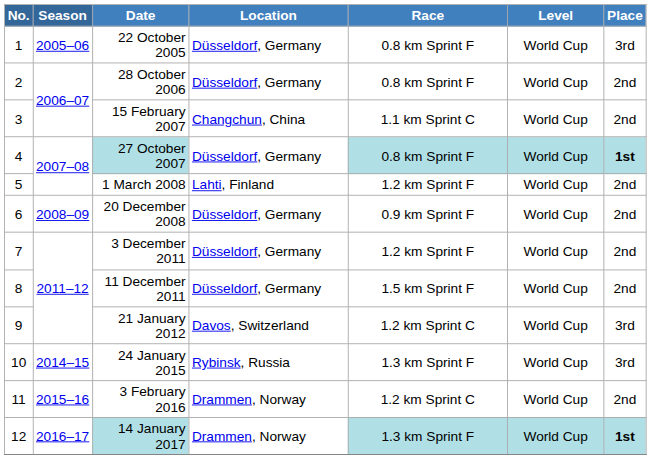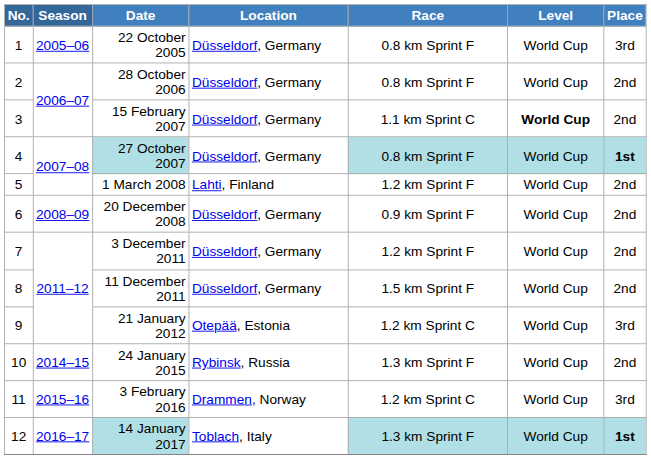 <table class="wikitable sortable" style="font-size:95%; text-align:center; border:grey solid 1px; border-collapse:collapse; background:#ffffff;">
 <tr style="background:#efefef;">
 <th style="background-color:#369; color:white;">No.</th>
 <th style="background-color:#369; color:white;">Season</th>
 <th style="background-color:#4180be; color:white; width:100px;">Date</th>
 <th style="background-color:#4180be; color:white; width:170px;">Location</th>
 <th style="background-color:#4180be; color:white; width:170px;">Race</th>
 <th style="background-color:#4180be; color:white; width:100px;">Level</th>
 <th style="background-color:#4180be; color:white;">Place</th>
 </tr>
 <tr>
 <td align=center>1</td>
 <td rowspan=1 align=center><a href='#'>2005–06</a></td>
 <td align=right>22 October 2005</td>
 <td align=left> <a href='#'>Düsseldorf</a>, Germany</td>
 <td>0.8 km Sprint F</td>
 <td>World Cup</td>
 <td>3rd</td>
 </tr>
 <tr>
 <td align=center>2</td>
 <td rowspan=2 align=center><a href='#'>2006–07</a></td>
 <td align=right>28 October 2006</td>
 <td align=left> <a href='#'>Düsseldorf</a>, Germany</td>
 <td>0.8 km Sprint F</td>
 <td>World Cup</td>
 <td>2nd</td>
 </tr>
 <tr>
 <td align=center>3</td>
 <td align=right>15 February 2007</td>
-<td align=left> <a href='#'>Changchun</a>, China</td>
+<td align=left> <a href='#'>Düsseldorf</a>, Germany</td>
 <td>1.1 km Sprint C</td>
-<td>World Cup</td>
+<td><strong>World Cup</strong></td>
 <td>2nd</td>
 </tr>
 <tr>
 <td align=center>4</td>
 <td rowspan=2 align=center><a href='#'>2007–08</a></td>
 <td bgcolor="#BOEOE6" align=right>27 October 2007</td>
 <td align=left> <a href='#'>Düsseldorf</a>, Germany</td>
 <td bgcolor="#BOEOE6">0.8 km Sprint F</td>
 <td bgcolor="#BOEOE6">World Cup</td>
 <td bgcolor="#BOEOE6"><strong>1st</strong></td>
 </tr>
 <tr>
 <td align=center>5</td>
 <td align=right>1 March 2008</td>
 <td align=left> <a href='#'>Lahti</a>, Finland</td>
 <td>1.2 km Sprint F</td>
 <td>World Cup</td>
 <td>2nd</td>
 </tr>
 <tr>
 <td align=center>6</td>
 <td rowspan=1 align=center><a href='#'>2008–09</a></td>
 <td align=right>20 December 2008</td>
 <td align=left> <a href='#'>Düsseldorf</a>, Germany</td>
 <td>0.9 km Sprint F</td>
 <td>World Cup</td>
 <td>2nd</td>
 </tr>
 <tr>
 <td align=center>7</td>
 <td rowspan=3 align=center><a href='#'>2011–12</a></td>
 <td align=right>3 December 2011</td>
 <td align=left> <a href='#'>Düsseldorf</a>, Germany</td>
 <td>1.2 km Sprint F</td>
 <td>World Cup</td>
 <td>2nd</td>
 </tr>
 <tr>
 <td align=center>8</td>
 <td align=right>11 December 2011</td>
 <td align=left> <a href='#'>Düsseldorf</a>, Germany</td>
 <td>1.5 km Sprint F</td>
 <td>World Cup</td>
 <td>2nd</td>
 </tr>
 <tr>
 <td align=center>9</td>
 <td align=right>21 January 2012</td>
-<td align=left> <a href='#'>Davos</a>, Switzerland</td>
+<td align=left> <a href='#'>Otepää</a>, Estonia</td>
 <td>1.2 km Sprint C</td>
 <td>World Cup</td>
 <td>3rd</td>
 </tr>
 <tr>
 <td align=center>10</td>
 <td rowspan=1 align=center><a href='#'>2014–15</a></td>
 <td align=right>24 January 2015</td>
 <td align=left> <a href='#'>Rybinsk</a>, Russia</td>
 <td>1.3 km Sprint F</td>
 <td>World Cup</td>
-<td>3rd</td>
+<td>2nd</td>
 </tr>
 <tr>
 <td align=center>11</td>
 <td rowspan=1 align=center><a href='#'>2015–16</a></td>
 <td align=right>3 February 2016</td>
 <td align=left> <a href='#'>Drammen</a>, Norway</td>
 <td>1.2 km Sprint C</td>
 <td>World Cup</td>
-<td>2nd</td>
+<td>3rd</td>
 </tr>
 <tr>
 <td align=center>12</td>
 <td rowspan=1 align=center><a href='#'>2016–17</a></td>
 <td bgcolor="#BOEOE6" align=right>14 January 2017</td>
-<td align=left> <a href='#'>Drammen</a>, Norway</td>
+<td align=left> <a href='#'>Toblach</a>, Italy</td>
 <td bgcolor="#BOEOE6">1.3 km Sprint F</td>
 <td bgcolor="#BOEOE6">World Cup</td>
 <td bgcolor="#BOEOE6"><strong>1st</strong></td>
 </tr>
 <tr>
 </tr>
 </table>
